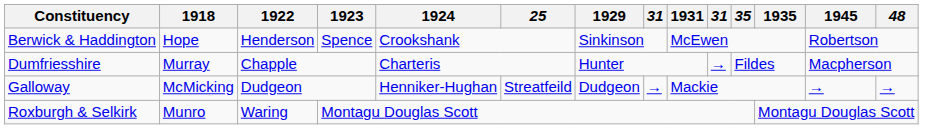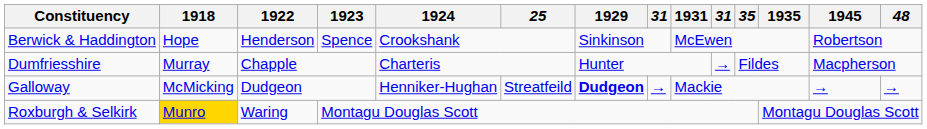 <table class="wikitable">
 <tr>
 <th>Constituency</th>
 <th>1918</th>
 <th>1922</th>
 <th>1923</th>
 <th>1924</th>
 <th><em>25</em></th>
 <th>1929</th>
 <th><em>31</em></th>
 <th>1931</th>
 <th><em>31</em></th>
 <th><em>35</em></th>
 <th>1935</th>
 <th>1945</th>
 <th><em>48</em></th>
 </tr>
 <tr>
 <td><a href='#'>Berwick & Haddington</a></td>
 <td><a href='#'>Hope</a></td>
 <td><a href='#'>Henderson</a></td>
 <td><a href='#'>Spence</a></td>
 <td colspan="2"><a href='#'>Crookshank</a></td>
 <td colspan="2"><a href='#'>Sinkinson</a></td>
 <td colspan="4"><a href='#'>McEwen</a></td>
 <td colspan="2"><a href='#'>Robertson</a></td>
 </tr>
 <tr>
 <td><a href='#'>Dumfriesshire</a></td>
 <td><a href='#'>Murray</a></td>
 <td colspan="2"><a href='#'>Chapple</a></td>
 <td colspan="2"><a href='#'>Charteris</a></td>
 <td colspan="3"><a href='#'>Hunter</a></td>
 <td><a href='#'>→</a></td>
 <td colspan="2"><a href='#'>Fildes</a></td>
 <td colspan="2"><a href='#'>Macpherson</a></td>
 </tr>
 <tr>
 <td><a href='#'>Galloway</a></td>
 <td><a href='#'>McMicking</a></td>
 <td colspan="2"><a href='#'>Dudgeon</a></td>
 <td><a href='#'>Henniker-Hughan</a></td>
 <td><a href='#'>Streatfeild</a></td>
-<td><a href='#'>Dudgeon</a></td>
+<td><strong><a href='#'>Dudgeon</a></strong></td>
 <td><a href='#'>→</a></td>
 <td colspan="4"><a href='#'>Mackie</a></td>
 <td><a href='#'>→</a></td>
 <td><a href='#'>→</a></td>
 </tr>
 <tr>
 <td><a href='#'>Roxburgh & Selkirk</a></td>
-<td><a href='#'>Munro</a></td>
+<td style="background: gold;"><a href='#'>Munro</a></td>
 <td><a href='#'>Waring</a></td>
 <td colspan="8"><a href='#'>Montagu Douglas Scott</a></td>
 <td colspan="3"><a href='#'>Montagu Douglas Scott</a></td>
 </tr>
 </table>
